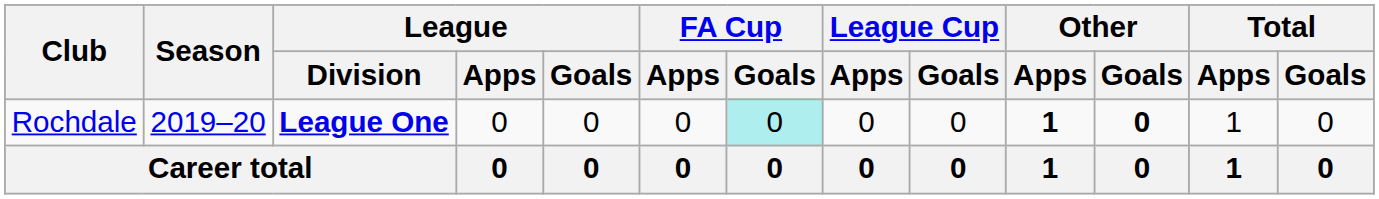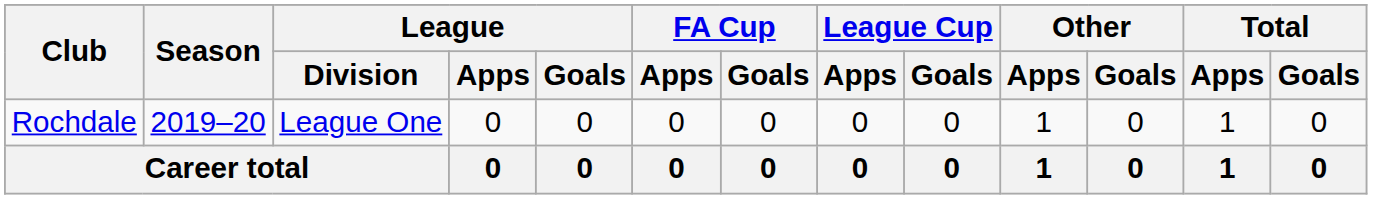 <table class="wikitable" style="text-align: center">
 <tr>
 <th rowspan="2">Club</th>
 <th rowspan="2">Season</th>
 <th colspan="3">League</th>
 <th colspan="2"><a href='#'>FA Cup</a></th>
 <th colspan="2"><a href='#'>League Cup</a></th>
 <th colspan="2">Other</th>
 <th colspan="2">Total</th>
 </tr>
 <tr>
 <th>Division</th>
 <th>Apps</th>
 <th>Goals</th>
 <th>Apps</th>
 <th>Goals</th>
 <th>Apps</th>
 <th>Goals</th>
 <th>Apps</th>
 <th>Goals</th>
 <th>Apps</th>
 <th>Goals</th>
 </tr>
 <tr>
 <td><a href='#'>Rochdale</a></td>
 <td><a href='#'>2019–20</a></td>
-<td><strong><a href='#'>League One</a></strong></td>
+<td><a href='#'>League One</a></td>
 <td>0</td>
 <td>0</td>
 <td>0</td>
-<td style="background: paleturquoise;">0</td>
 <td>0</td>
 <td>0</td>
-<td><strong>1</strong></td>
-<td><strong>0</strong></td>
+<td>0</td>
+<td>1</td>
+<td>0</td>
 <td>1</td>
 <td>0</td>
 </tr>
 <tr>
 <th colspan="3">Career total</th>
 <th>0</th>
 <th>0</th>
 <th>0</th>
 <th>0</th>
 <th>0</th>
 <th>0</th>
 <th>1</th>
 <th>0</th>
 <th>1</th>
 <th>0</th>
 </tr>
 </table>
